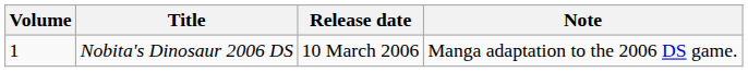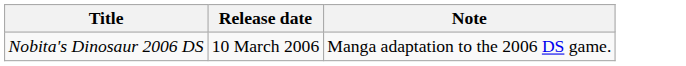 <table class=wikitable style='font-size:smaller"'>
 <tr>
-<th>Volume</th>
 <th>Title</th>
 <th>Release date</th>
 <th>Note</th>
 </tr>
 <tr>
-<td>1</td>
 <td><em>Nobita's Dinosaur 2006 DS</em></td>
 <td>10 March 2006 </td>
 <td>Manga adaptation to the 2006 <a href='#'>DS</a> game.</td>
 </tr>
 </table>
